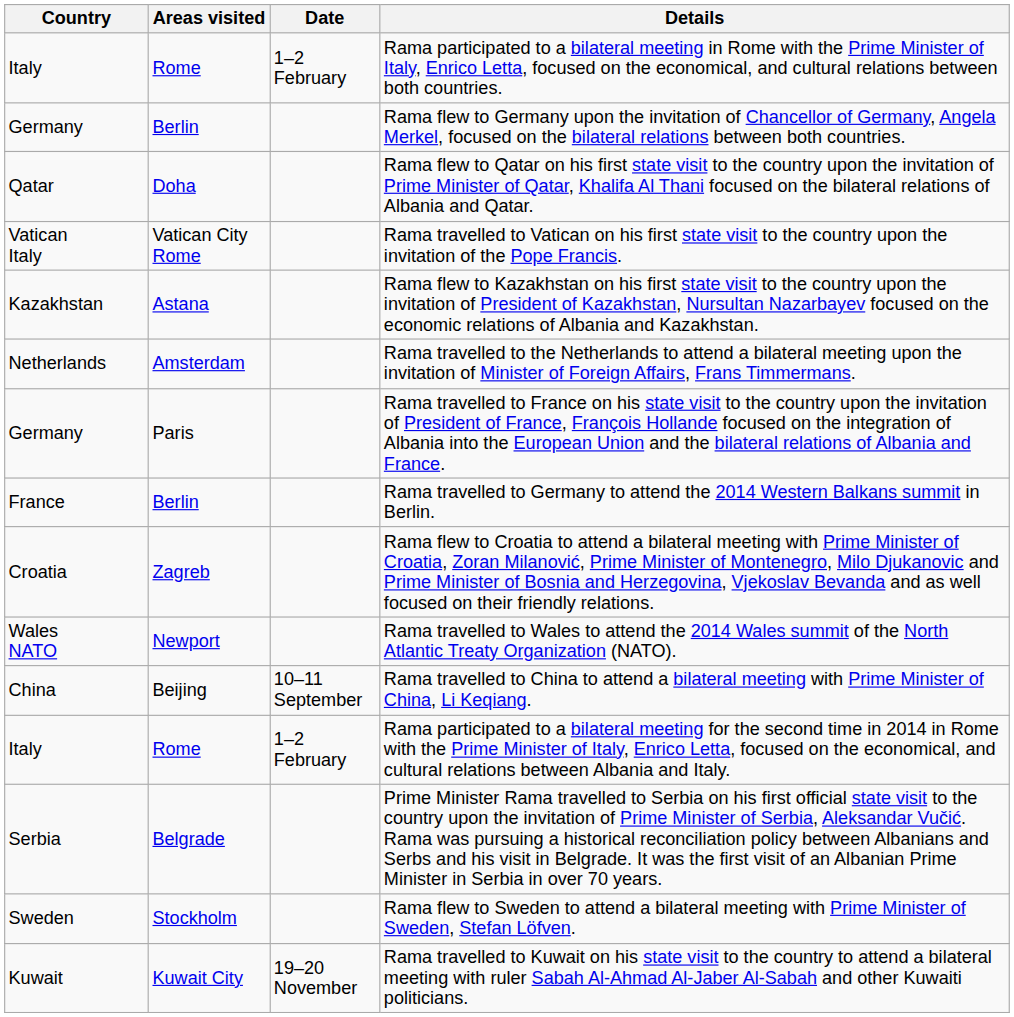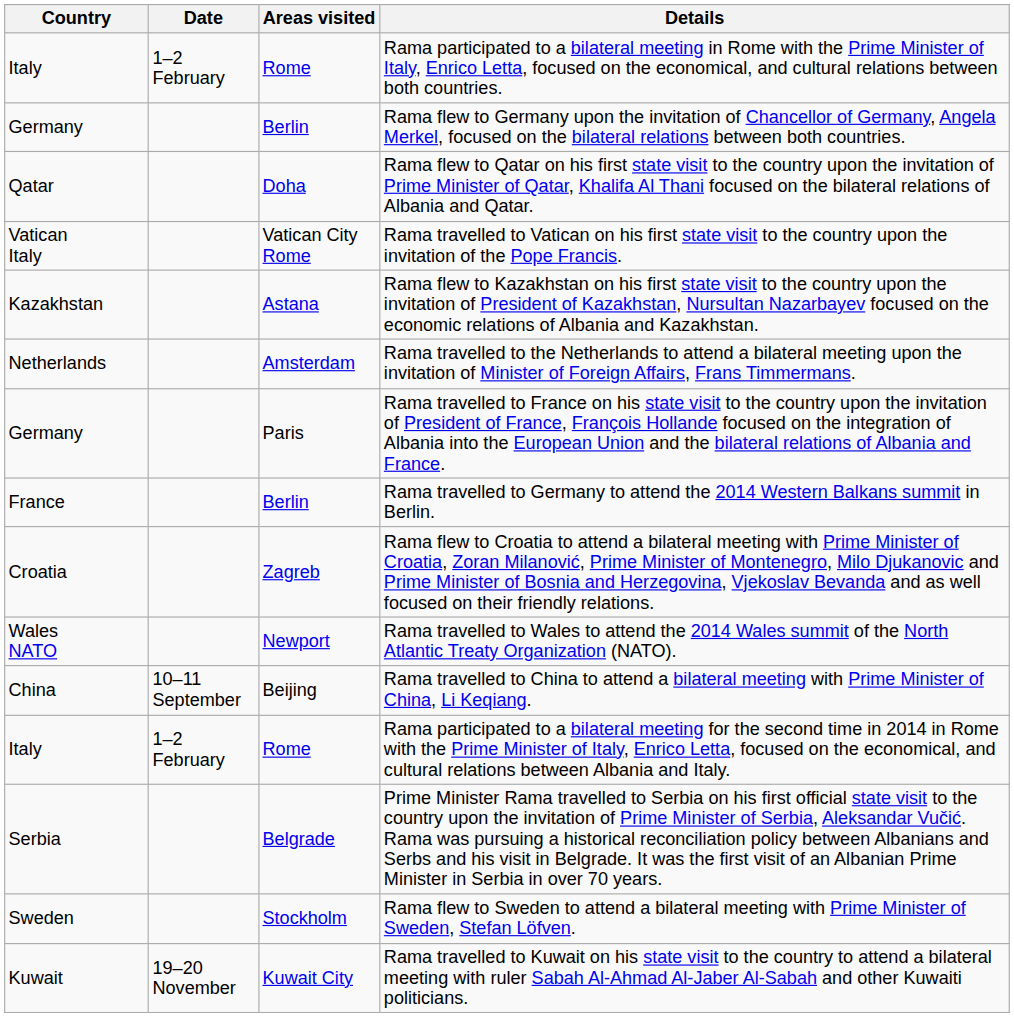 <table class="wikitable sortable outercollapse" style="margin: 1em auto 1em auto">
 <tr>
 <th width=120>Country</th>
+<th width=90>Date</th>
 <th width=100>Areas visited</th>
-<th width=90>Date</th>
 <th width=550>Details</th>
 </tr>
 <tr>
 <td> Italy</td>
+<td>1–2 February</td>
 <td><a href='#'>Rome</a></td>
-<td>1–2 February</td>
 <td>Rama participated to a <a href='#'>bilateral meeting</a> in Rome with the <a href='#'>Prime Minister of Italy</a>, <a href='#'>Enrico Letta</a>, focused on the economical, and cultural relations between both countries.</td>
 </tr>
 <tr>
 <td> Germany</td>
+<td></td>
 <td><a href='#'>Berlin</a></td>
-<td></td>
 <td>Rama flew to Germany upon the invitation of <a href='#'>Chancellor of Germany</a>, <a href='#'>Angela Merkel</a>, focused on the <a href='#'>bilateral relations</a> between both countries.</td>
 </tr>
 <tr>
 <td> Qatar</td>
+<td></td>
 <td><a href='#'>Doha</a></td>
-<td></td>
 <td>Rama flew to Qatar on his first <a href='#'>state visit</a> to the country upon the invitation of <a href='#'>Prime Minister of Qatar</a>, <a href='#'>Khalifa Al Thani</a> focused on the bilateral relations of Albania and Qatar.</td>
 </tr>
 <tr>
 <td> Vatican <br>  Italy</td>
+<td></td>
 <td>Vatican City <br> <a href='#'>Rome</a></td>
-<td></td>
 <td>Rama travelled to Vatican on his first <a href='#'>state visit</a> to the country upon the invitation of the <a href='#'>Pope Francis</a>.</td>
 </tr>
 <tr>
 <td> Kazakhstan</td>
+<td></td>
 <td><a href='#'>Astana</a></td>
-<td></td>
 <td>Rama flew to Kazakhstan on his first <a href='#'>state visit</a> to the country upon the invitation of <a href='#'>President of Kazakhstan</a>, <a href='#'>Nursultan Nazarbayev</a> focused on the economic relations of Albania and Kazakhstan.</td>
 </tr>
 <tr>
 <td> Netherlands</td>
+<td></td>
 <td><a href='#'>Amsterdam</a></td>
-<td></td>
 <td>Rama travelled to the Netherlands to attend a bilateral meeting upon the invitation of <a href='#'>Minister of Foreign Affairs</a>, <a href='#'>Frans Timmermans</a>.</td>
 </tr>
 <tr>
 <td> Germany</td>
+<td></td>
 <td>Paris</td>
-<td></td>
 <td>Rama travelled to France on his <a href='#'>state visit</a> to the country upon the invitation of <a href='#'>President of France</a>, <a href='#'>François Hollande</a> focused on the integration of Albania into the <a href='#'>European Union</a> and the <a href='#'>bilateral relations of Albania and France</a>.</td>
 </tr>
 <tr>
 <td> France</td>
+<td></td>
 <td><a href='#'>Berlin</a></td>
-<td></td>
 <td>Rama travelled to Germany to attend the <a href='#'>2014 Western Balkans summit</a> in Berlin.</td>
 </tr>
 <tr>
 <td> Croatia</td>
+<td></td>
 <td><a href='#'>Zagreb</a></td>
-<td></td>
 <td>Rama flew to Croatia to attend a bilateral meeting with <a href='#'>Prime Minister of Croatia</a>, <a href='#'>Zoran Milanović</a>, <a href='#'>Prime Minister of Montenegro</a>, <a href='#'>Milo Djukanovic</a> and <a href='#'>Prime Minister of Bosnia and Herzegovina</a>, <a href='#'>Vjekoslav Bevanda</a> and as well focused on their friendly relations.</td>
 </tr>
 <tr>
 <td> Wales <br>  <a href='#'>NATO</a></td>
+<td></td>
 <td><a href='#'>Newport</a></td>
-<td></td>
 <td>Rama travelled to Wales to attend the <a href='#'>2014 Wales summit</a> of the <a href='#'>North Atlantic Treaty Organization</a> (NATO).</td>
 </tr>
 <tr>
 <td> China</td>
+<td>10–11 September</td>
 <td>Beijing</td>
-<td>10–11 September</td>
 <td>Rama travelled to China to attend a <a href='#'>bilateral meeting</a> with <a href='#'>Prime Minister of China</a>, <a href='#'>Li Keqiang</a>.</td>
 </tr>
 <tr>
 <td> Italy</td>
+<td>1–2 February</td>
 <td><a href='#'>Rome</a></td>
-<td>1–2 February</td>
 <td>Rama participated to a <a href='#'>bilateral meeting</a> for the second time in 2014 in Rome with the <a href='#'>Prime Minister of Italy</a>, <a href='#'>Enrico Letta</a>, focused on the economical, and cultural relations between Albania and Italy.</td>
 </tr>
 <tr>
 <td> Serbia</td>
+<td></td>
 <td><a href='#'>Belgrade</a></td>
-<td></td>
 <td>Prime Minister Rama travelled to Serbia on his first official <a href='#'>state visit</a> to the country upon the invitation of <a href='#'>Prime Minister of Serbia</a>, <a href='#'>Aleksandar Vučić</a>. Rama was pursuing a historical reconciliation policy between Albanians and Serbs and his visit in Belgrade. It was the first visit of an Albanian Prime Minister in Serbia in over 70 years.</td>
 </tr>
 <tr>
 <td> Sweden</td>
+<td></td>
 <td><a href='#'>Stockholm</a></td>
-<td></td>
 <td>Rama flew to Sweden to attend a bilateral meeting with <a href='#'>Prime Minister of Sweden</a>, <a href='#'>Stefan Löfven</a>.</td>
 </tr>
 <tr>
 <td> Kuwait</td>
+<td>19–20 November</td>
 <td><a href='#'>Kuwait City</a></td>
-<td>19–20 November</td>
 <td>Rama travelled to Kuwait on his <a href='#'>state visit</a> to the country to attend a bilateral meeting with ruler <a href='#'>Sabah Al-Ahmad Al-Jaber Al-Sabah</a> and other Kuwaiti politicians.</td>
 </tr>
 </table>
